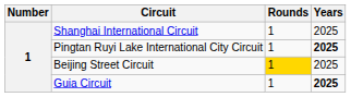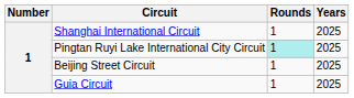 <table class="wikitable">
 <tr>
 <th>Number</th>
 <th>Circuit</th>
 <th>Rounds</th>
 <th>Years</th>
 </tr>
 <tr>
 <th rowspan="4">1</th>
 <td> <a href='#'>Shanghai International Circuit</a></td>
 <td>1</td>
 <td>2025</td>
 </tr>
 <tr>
 <td> Pingtan Ruyi Lake International City Circuit</td>
-<td>1</td>
-<td><strong>2025</strong></td>
+<td style="background: paleturquoise;">1</td>
+<td>2025</td>
 </tr>
 <tr>
 <td> Beijing Street Circuit</td>
-<td style="background: gold;">1</td>
+<td>1</td>
 <td>2025</td>
 </tr>
 <tr>
 <td> <a href='#'>Guia Circuit</a></td>
 <td>1</td>
-<td><strong>2025</strong></td>
+<td>2025</td>
 </tr>
 </table>
